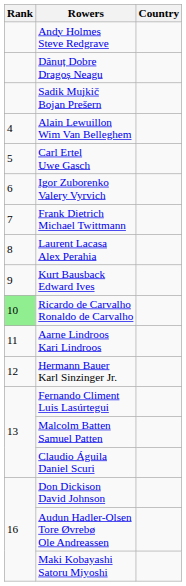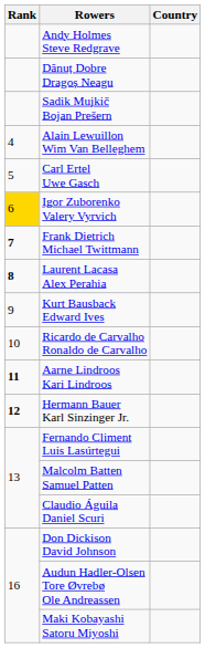 <table class="wikitable sortable">
 <tr>
 <th>Rank</th>
 <th>Rowers</th>
 <th>Country</th>
 </tr>
 <tr>
 <td></td>
 <td><a href='#'>Andy Holmes</a><br><a href='#'>Steve Redgrave</a></td>
 <td></td>
 </tr>
 <tr>
 <td></td>
 <td><a href='#'>Dănuț Dobre</a><br><a href='#'>Dragoș Neagu</a></td>
 <td></td>
 </tr>
 <tr>
 <td></td>
 <td><a href='#'>Sadik Mujkič</a><br><a href='#'>Bojan Prešern</a></td>
 <td></td>
 </tr>
 <tr>
 <td>4</td>
 <td><a href='#'>Alain Lewuillon</a><br><a href='#'>Wim Van Belleghem</a></td>
 <td></td>
 </tr>
 <tr>
 <td>5</td>
 <td><a href='#'>Carl Ertel</a><br><a href='#'>Uwe Gasch</a></td>
 <td></td>
 </tr>
 <tr>
-<td>6</td>
+<td style="background: gold;">6</td>
 <td><a href='#'>Igor Zuborenko</a><br><a href='#'>Valery Vyrvich</a></td>
 <td></td>
 </tr>
 <tr>
-<td>7</td>
+<td><strong>7</strong></td>
 <td><a href='#'>Frank Dietrich</a><br><a href='#'>Michael Twittmann</a></td>
 <td></td>
 </tr>
 <tr>
-<td>8</td>
+<td><strong>8</strong></td>
 <td><a href='#'>Laurent Lacasa</a><br><a href='#'>Alex Perahia</a></td>
 <td></td>
 </tr>
 <tr>
 <td>9</td>
 <td><a href='#'>Kurt Bausback</a><br><a href='#'>Edward Ives</a></td>
 <td></td>
 </tr>
 <tr>
-<td style="background: lightgreen;">10</td>
+<td>10</td>
 <td><a href='#'>Ricardo de Carvalho</a><br><a href='#'>Ronaldo de Carvalho</a></td>
 <td></td>
 </tr>
 <tr>
-<td>11</td>
+<td><strong>11</strong></td>
 <td><a href='#'>Aarne Lindroos</a><br><a href='#'>Kari Lindroos</a></td>
 <td></td>
 </tr>
 <tr>
-<td>12</td>
+<td><strong>12</strong></td>
 <td><a href='#'>Hermann Bauer</a><br>Karl Sinzinger Jr.</td>
 <td></td>
 </tr>
 <tr>
 <td rowspan=3>13</td>
 <td><a href='#'>Fernando Climent</a><br><a href='#'>Luis Lasúrtegui</a></td>
 <td></td>
 </tr>
 <tr>
 <td><a href='#'>Malcolm Batten</a><br><a href='#'>Samuel Patten</a></td>
 <td></td>
 </tr>
 <tr>
 <td><a href='#'>Claudio Águila</a><br><a href='#'>Daniel Scuri</a></td>
 <td></td>
 </tr>
 <tr>
 <td rowspan=3>16</td>
 <td><a href='#'>Don Dickison</a><br><a href='#'>David Johnson</a></td>
 <td></td>
 </tr>
 <tr>
 <td><a href='#'>Audun Hadler-Olsen</a><br><a href='#'>Tore Øvrebø</a><br><a href='#'>Ole Andreassen</a></td>
 <td></td>
 </tr>
 <tr>
 <td><a href='#'>Maki Kobayashi</a><br><a href='#'>Satoru Miyoshi</a></td>
 <td></td>
 </tr>
 </table>
